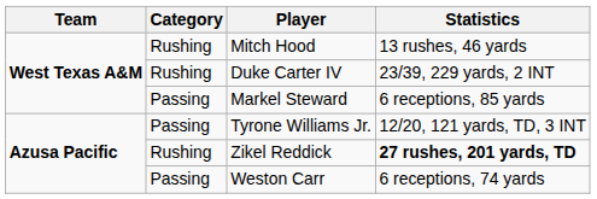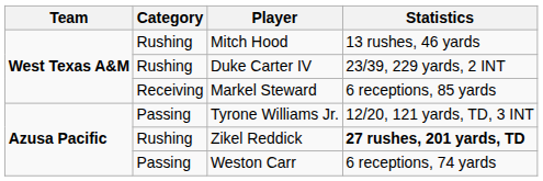 <table class="wikitable" style="float: left;">
 <tr>
 <th>Team</th>
 <th>Category</th>
 <th>Player</th>
 <th>Statistics</th>
 </tr>
 <tr>
 <td rowspan=3><strong>West Texas A&M</strong></td>
 <td>Rushing</td>
 <td>Mitch Hood</td>
 <td>13 rushes, 46 yards</td>
 </tr>
 <tr>
 <td>Rushing</td>
 <td>Duke Carter IV</td>
 <td>23/39, 229 yards, 2 INT</td>
 </tr>
 <tr>
-<td>Passing</td>
+<td>Receiving</td>
 <td>Markel Steward</td>
 <td>6 receptions, 85 yards</td>
 </tr>
 <tr>
 <td rowspan=3><strong>Azusa Pacific</strong></td>
 <td>Passing</td>
 <td>Tyrone Williams Jr.</td>
 <td>12/20, 121 yards, TD, 3 INT</td>
 </tr>
 <tr>
 <td>Rushing</td>
 <td>Zikel Reddick</td>
 <td><strong>27 rushes, 201 yards, TD</strong></td>
 </tr>
 <tr>
 <td>Passing</td>
 <td>Weston Carr</td>
 <td>6 receptions, 74 yards</td>
 </tr>
 </table>
